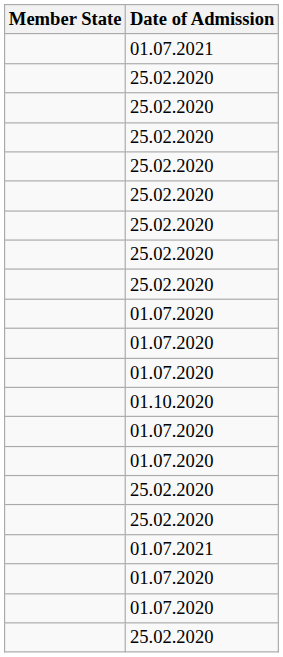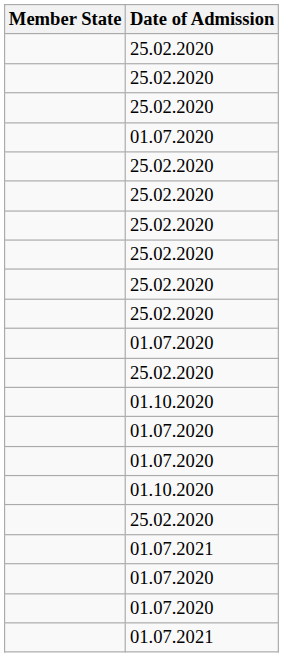 <table class="wikitable">
 <tr>
 <th>Member State</th>
 <th>Date of Admission</th>
-</tr>
-<tr>
-<td></td>
-<td>01.07.2021</td>
 </tr>
 <tr>
 <td></td>
 <td>25.02.2020</td>
 </tr>
 <tr>
 <td></td>
 <td>25.02.2020</td>
+</tr>
+<tr>
+<td></td>
+<td>25.02.2020</td>
+</tr>
+<tr>
+<td></td>
+<td>01.07.2020</td>
 </tr>
 <tr>
 <td></td>
 <td>25.02.2020</td>
 </tr>
 <tr>
 <td></td>
 <td>25.02.2020</td>
 </tr>
 <tr>
 <td></td>
 <td>25.02.2020</td>
 </tr>
 <tr>
 <td></td>
 <td>25.02.2020</td>
 </tr>
 <tr>
 <td></td>
 <td>25.02.2020</td>
 </tr>
 <tr>
 <td></td>
 <td>25.02.2020</td>
 </tr>
 <tr>
 <td></td>
 <td>01.07.2020</td>
 </tr>
 <tr>
 <td></td>
-<td>01.07.2020</td>
-</tr>
-<tr>
-<td></td>
-<td>01.07.2020</td>
+<td>25.02.2020</td>
 </tr>
 <tr>
 <td></td>
 <td>01.10.2020</td>
 </tr>
 <tr>
 <td></td>
 <td>01.07.2020</td>
 </tr>
 <tr>
 <td></td>
 <td>01.07.2020</td>
 </tr>
 <tr>
 <td></td>
-<td>25.02.2020</td>
+<td>01.10.2020</td>
 </tr>
 <tr>
 <td></td>
 <td>25.02.2020</td>
 </tr>
 <tr>
 <td></td>
 <td>01.07.2021</td>
 </tr>
 <tr>
 <td></td>
 <td>01.07.2020</td>
 </tr>
 <tr>
 <td></td>
 <td>01.07.2020</td>
 </tr>
 <tr>
 <td></td>
-<td>25.02.2020</td>
+<td>01.07.2021</td>
 </tr>
 </table>
